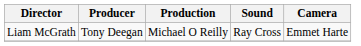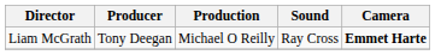 <table class="wikitable">
 <tr>
 <th>Director</th>
 <th>Producer</th>
 <th>Production</th>
 <th>Sound</th>
 <th>Camera</th>
 </tr>
 <tr>
 <td>Liam McGrath</td>
 <td>Tony Deegan</td>
 <td>Michael O Reilly</td>
 <td>Ray Cross</td>
-<td>Emmet Harte</td>
+<td><strong>Emmet Harte</strong></td>
 </tr>
 <tr>
 </tr>
 </table>
